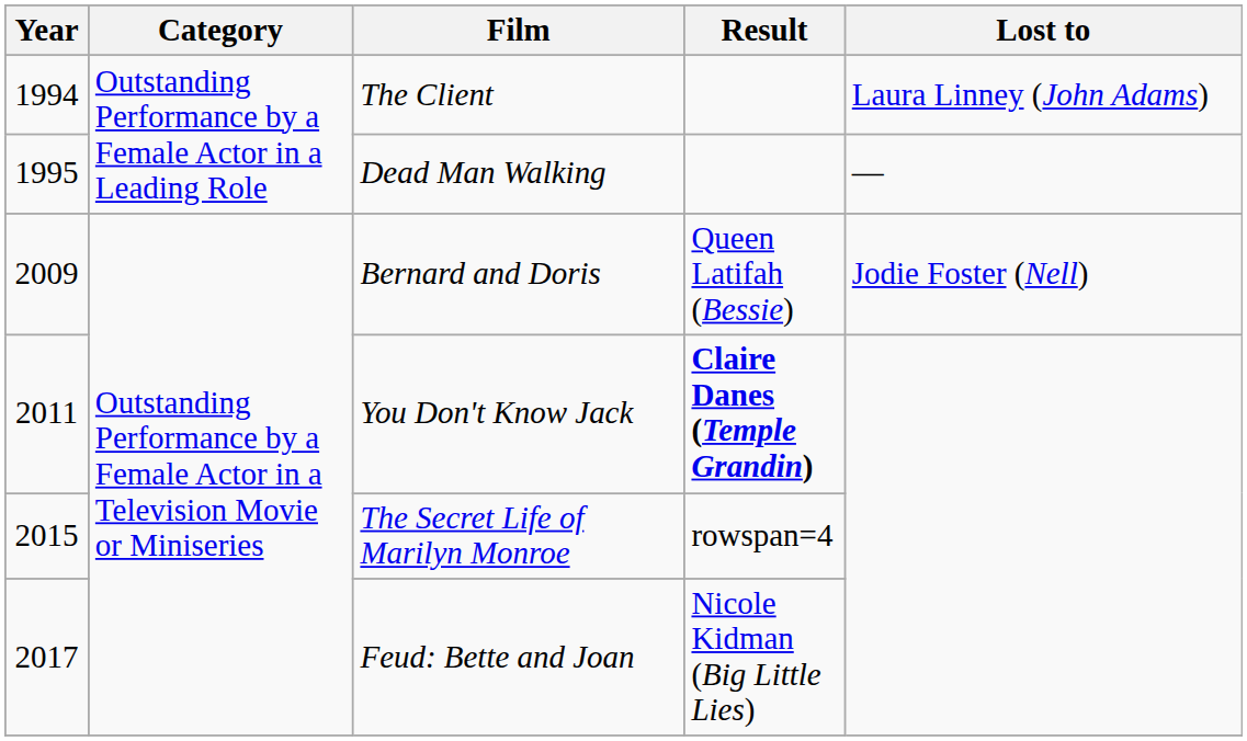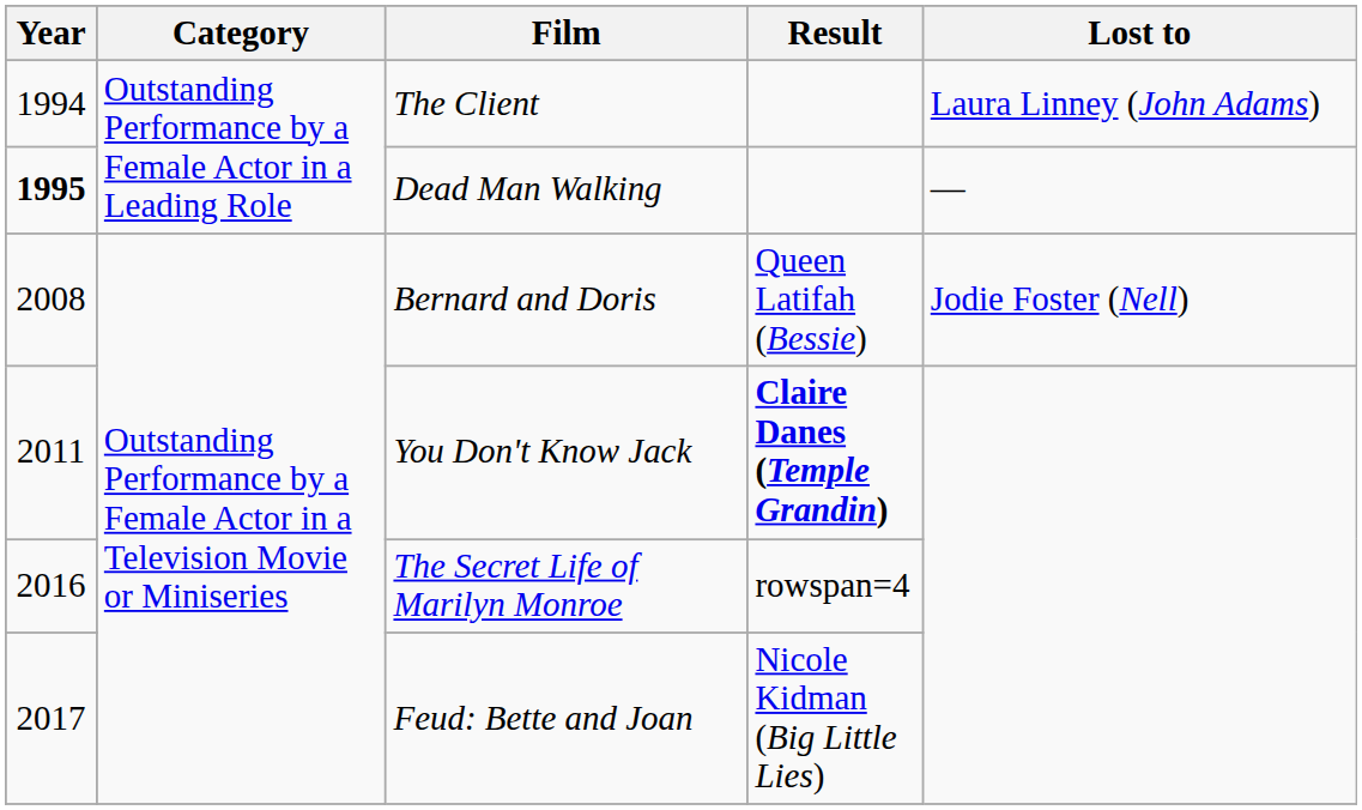 <table class="wikitable" width="100%" cellpadding="5">
 <tr>
 <th width="5%">Year</th>
 <th width="20%">Category</th>
 <th width="25%">Film</th>
 <th width="5%">Result</th>
 <th width="30%">Lost to</th>
 </tr>
 <tr>
 <td style="text-align:center;">1994</td>
 <td rowspan=2><a href='#'>Outstanding Performance by a Female Actor in a Leading Role</a></td>
 <td><em>The Client</em></td>
 <td></td>
 <td><a href='#'>Laura Linney</a> (<em><a href='#'>John Adams</a></em>)</td>
 </tr>
 <tr>
-<td style="text-align:center;">1995</td>
+<td style="text-align:center;"><strong>1995</strong></td>
 <td><em>Dead Man Walking</em></td>
 <td></td>
 <td>—</td>
 </tr>
 <tr>
-<td style="text-align:center;">2009</td>
+<td style="text-align:center;">2008</td>
 <td rowspan=4><a href='#'>Outstanding Performance by a Female Actor in a Television Movie or Miniseries</a></td>
 <td><em>Bernard and Doris</em></td>
 <td><a href='#'>Queen Latifah</a> (<em><a href='#'>Bessie</a></em>)</td>
 <td><a href='#'>Jodie Foster</a> (<em><a href='#'>Nell</a></em>)</td>
 </tr>
 <tr>
 <td style="text-align:center;">2011</td>
 <td><em>You Don't Know Jack</em></td>
 <td><strong><a href='#'>Claire Danes</a> (<em><a href='#'>Temple Grandin</a></em>)</strong></td>
 </tr>
 <tr>
-<td style="text-align:center;">2015</td>
+<td style="text-align:center;">2016</td>
 <td><em><a href='#'>The Secret Life of Marilyn Monroe</a></em></td>
 <td>rowspan=4 </td>
 </tr>
 <tr>
 <td style="text-align:center;">2017</td>
 <td><em>Feud: Bette and Joan</em></td>
 <td><a href='#'>Nicole Kidman</a> (<em>Big Little Lies</em>)</td>
 </tr>
 </table>
